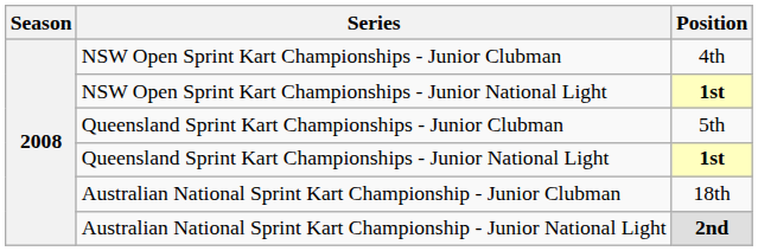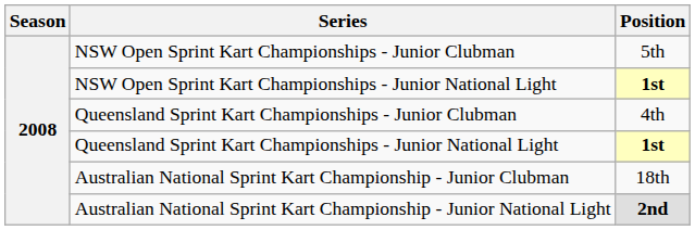 <table class="wikitable" style="font-size: 85%; text-align:center">
 <tr>
 <th>Season</th>
 <th>Series</th>
 <th>Position</th>
 </tr>
 <tr>
 <th rowspan=6>2008</th>
 <td align="left">NSW Open Sprint Kart Championships - Junior Clubman</td>
-<td>4th</td>
+<td>5th</td>
 </tr>
 <tr>
 <td align="left">NSW Open Sprint Kart Championships - Junior National Light</td>
 <td style="background:#FFFFBF"><strong>1st</strong></td>
 </tr>
 <tr>
 <td align="left">Queensland Sprint Kart Championships - Junior Clubman</td>
-<td>5th</td>
+<td>4th</td>
 </tr>
 <tr>
 <td align="left">Queensland Sprint Kart Championships - Junior National Light</td>
 <td style="background:#FFFFBF"><strong>1st</strong></td>
 </tr>
 <tr>
 <td align="left">Australian National Sprint Kart Championship - Junior Clubman</td>
 <td>18th</td>
 </tr>
 <tr>
 <td align="left">Australian National Sprint Kart Championship - Junior National Light</td>
 <td style="background:#DFDFDF"><strong>2nd</strong></td>
 </tr>
 </table>
